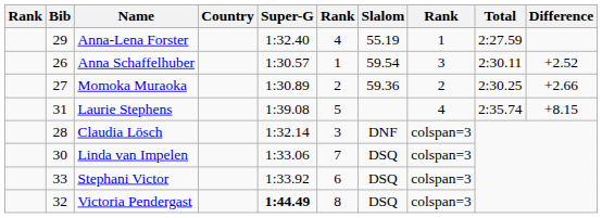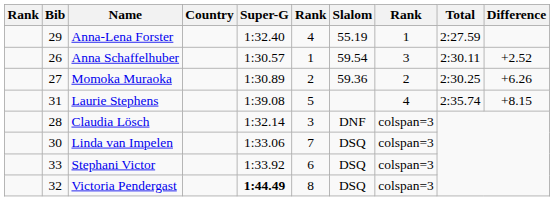 <table class="wikitable sortable" style="text-align:center">
 <tr>
 <th>Rank</th>
 <th>Bib</th>
 <th>Name</th>
 <th>Country</th>
 <th>Super-G</th>
 <th>Rank</th>
 <th>Slalom</th>
 <th>Rank</th>
 <th>Total</th>
 <th>Difference</th>
 </tr>
 <tr>
 <td></td>
 <td>29</td>
 <td align="left"><a href='#'>Anna-Lena Forster</a></td>
 <td align="left"></td>
 <td>1:32.40</td>
 <td>4</td>
 <td>55.19</td>
 <td>1</td>
 <td>2:27.59</td>
 <td></td>
 </tr>
 <tr>
 <td></td>
 <td>26</td>
 <td align="left"><a href='#'>Anna Schaffelhuber</a></td>
 <td align="left"></td>
 <td>1:30.57</td>
 <td>1</td>
 <td>59.54</td>
 <td>3</td>
 <td>2:30.11</td>
 <td>+2.52</td>
 </tr>
 <tr>
 <td></td>
 <td>27</td>
 <td align="left"><a href='#'>Momoka Muraoka</a></td>
 <td align="left"></td>
 <td>1:30.89</td>
 <td>2</td>
 <td>59.36</td>
 <td>2</td>
 <td>2:30.25</td>
-<td>+2.66</td>
+<td>+6.26</td>
 </tr>
 <tr>
 <td></td>
 <td>31</td>
 <td align="left"><a href='#'>Laurie Stephens</a></td>
 <td align="left"></td>
 <td>1:39.08</td>
 <td>5</td>
 <td></td>
 <td>4</td>
 <td>2:35.74</td>
 <td>+8.15</td>
 </tr>
 <tr>
 <td></td>
 <td>28</td>
 <td align="left"><a href='#'>Claudia Lösch</a></td>
 <td align="left"></td>
 <td>1:32.14</td>
 <td>3</td>
 <td>DNF</td>
 <td>colspan=3 </td>
 </tr>
 <tr>
 <td></td>
 <td>30</td>
 <td align="left"><a href='#'>Linda van Impelen</a></td>
 <td align="left"></td>
 <td>1:33.06</td>
 <td>7</td>
 <td>DSQ</td>
 <td>colspan=3 </td>
 </tr>
 <tr>
 <td></td>
 <td>33</td>
 <td align="left"><a href='#'>Stephani Victor</a></td>
 <td align="left"></td>
 <td>1:33.92</td>
 <td>6</td>
 <td>DSQ</td>
 <td>colspan=3 </td>
 </tr>
 <tr>
 <td></td>
 <td>32</td>
 <td align="left"><a href='#'>Victoria Pendergast</a></td>
 <td align="left"></td>
 <td><strong>1:44.49</strong></td>
 <td>8</td>
 <td>DSQ</td>
 <td>colspan=3 </td>
 </tr>
 </table>
